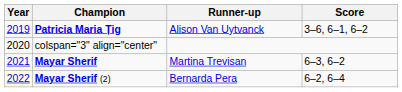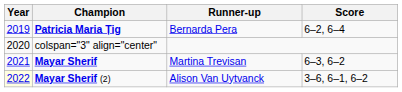 <table class="wikitable">
 <tr>
 <th>Year</th>
 <th width="200">Champion</th>
 <th width="200">Runner-up</th>
 <th width="140">Score</th>
 </tr>
 <tr>
 <td><a href='#'>2019</a></td>
 <td> <strong><a href='#'>Patricia Maria Țig</a></strong></td>
-<td> <a href='#'>Alison Van Uytvanck</a></td>
-<td>3–6, 6–1, 6–2</td>
+<td> <a href='#'>Bernarda Pera</a></td>
+<td>6–2, 6–4</td>
 </tr>
 <tr>
 <td>2020</td>
 <td>colspan="3" align="center" </td>
 </tr>
 <tr>
 <td><a href='#'>2021</a></td>
 <td> <strong><a href='#'>Mayar Sherif</a></strong></td>
 <td> <a href='#'>Martina Trevisan</a></td>
 <td>6–3, 6–2</td>
 </tr>
 <tr>
 <td style="background: lightyellow;"><a href='#'>2022</a></td>
 <td> <strong><a href='#'>Mayar Sherif</a></strong> <small>(2)</small></td>
-<td> <a href='#'>Bernarda Pera</a></td>
-<td>6–2, 6–4</td>
+<td> <a href='#'>Alison Van Uytvanck</a></td>
+<td>3–6, 6–1, 6–2</td>
 </tr>
 </table>
